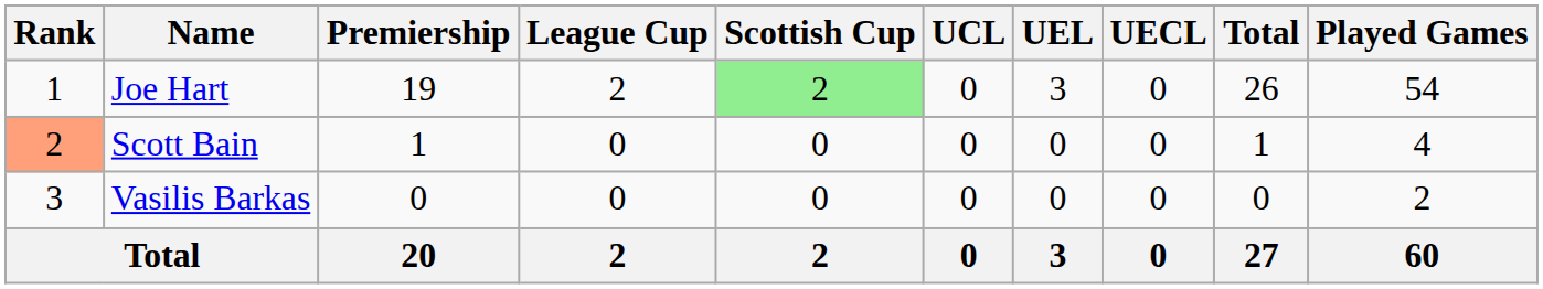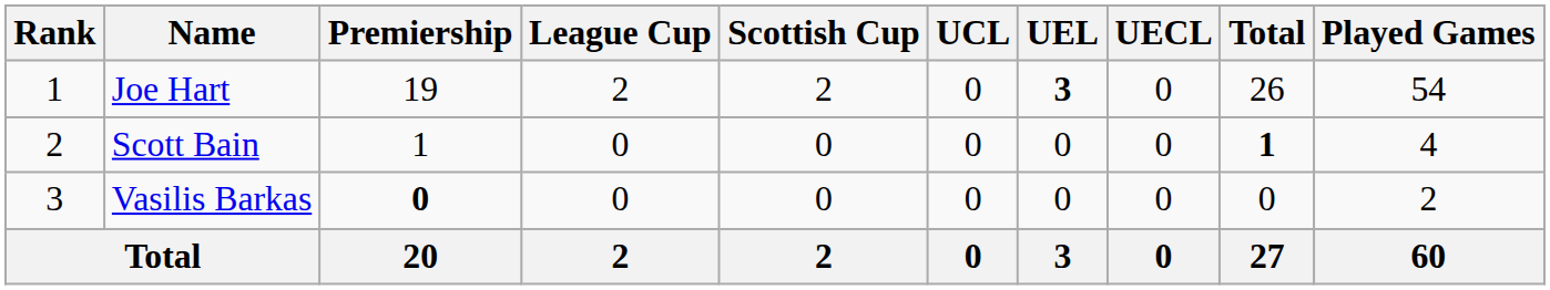 <table class="wikitable sortable" style="text-align: center;">
 <tr>
 <th>Rank</th>
 <th>Name</th>
 <th>Premiership</th>
 <th>League Cup</th>
 <th>Scottish Cup</th>
 <th>UCL</th>
 <th>UEL</th>
 <th>UECL</th>
 <th>Total</th>
 <th>Played Games</th>
 </tr>
 <tr>
 <td align=center rowspan=1>1</td>
 <td align=left> <a href='#'>Joe Hart</a></td>
 <td>19</td>
 <td>2</td>
-<td style="background: lightgreen;">2</td>
+<td>2</td>
 <td>0</td>
-<td>3</td>
+<td><strong>3</strong></td>
 <td>0</td>
 <td>26</td>
 <td>54</td>
 </tr>
 <tr>
-<td align=center rowspan=1 style="background: lightsalmon;">2</td>
+<td align=center rowspan=1>2</td>
 <td align=left> <a href='#'>Scott Bain</a></td>
 <td>1</td>
 <td>0</td>
 <td>0</td>
 <td>0</td>
 <td>0</td>
 <td>0</td>
-<td>1</td>
+<td><strong>1</strong></td>
 <td>4</td>
 </tr>
 <tr>
 <td align=center rowspan=1>3</td>
 <td align=left> <a href='#'>Vasilis Barkas</a></td>
-<td>0</td>
+<td><strong>0</strong></td>
 <td>0</td>
 <td>0</td>
 <td>0</td>
 <td>0</td>
 <td>0</td>
 <td>0</td>
 <td>2</td>
 </tr>
 <tr>
 <th colspan=2>Total</th>
 <th>20</th>
 <th>2</th>
 <th>2</th>
 <th>0</th>
 <th>3</th>
 <th>0</th>
 <th>27</th>
 <th>60</th>
 </tr>
 </table>
